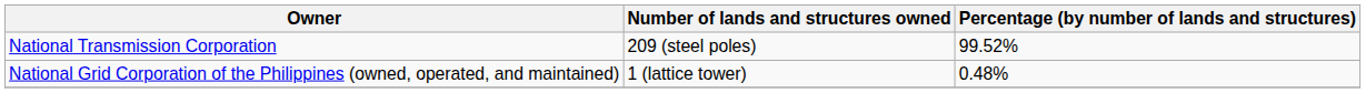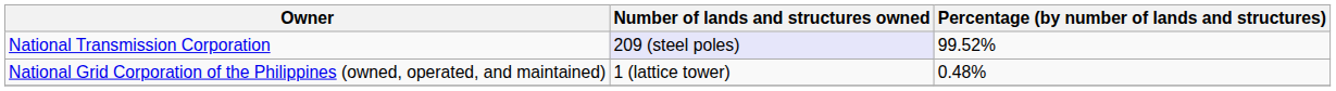 <table class="wikitable">
 <tr>
 <th>Owner</th>
 <th>Number of lands and structures owned</th>
 <th>Percentage (by number of lands and structures)</th>
 </tr>
 <tr>
 <td><a href='#'>National Transmission Corporation</a></td>
-<td>209 (steel poles)</td>
+<td style="background: lavender;">209 (steel poles)</td>
 <td>99.52%</td>
 </tr>
 <tr>
 <td><a href='#'>National Grid Corporation of the Philippines</a> (owned, operated, and maintained)</td>
 <td>1 (lattice tower)</td>
 <td>0.48%</td>
 </tr>
 <tr>
 </tr>
 </table>
